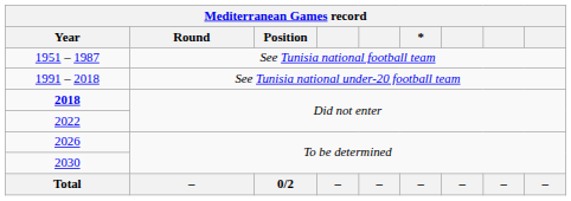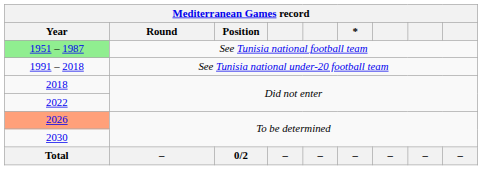 <table class="wikitable" style="font-size:90%; text-align:center;" width="50%">
 <tr>
 <th colspan="9"><a href='#'>Mediterranean Games</a> record</th>
 </tr>
 <tr>
 <th width="15%">Year</th>
 <th width="15%">Round</th>
 <th width="5%">Position</th>
 <th width="5%"></th>
 <th width="5%"></th>
 <th width="5%">*</th>
 <th width="5%"></th>
 <th width="5%"></th>
 <th width="5%"></th>
 </tr>
 <tr>
-<td><a href='#'>1951</a> – <a href='#'>1987</a></td>
+<td style="background: lightgreen;"><a href='#'>1951</a> – <a href='#'>1987</a></td>
 <td colspan="8"><em>See <a href='#'>Tunisia national football team</a></em></td>
 </tr>
 <tr>
 <td><a href='#'>1991</a> – <a href='#'>2018</a></td>
 <td colspan="8"><em>See <a href='#'>Tunisia national under-20 football team</a></em></td>
 </tr>
 <tr>
-<td><strong> <a href='#'>2018</a></strong></td>
+<td> <a href='#'>2018</a></td>
 <td colspan="8" rowspan="2"><em>Did not enter</em></td>
 </tr>
 <tr>
 <td> <a href='#'>2022</a></td>
 </tr>
 <tr>
-<td> <a href='#'>2026</a></td>
+<td style="background: lightsalmon;"> <a href='#'>2026</a></td>
 <td colspan="8" rowspan="2"><em>To be determined</em></td>
 </tr>
 <tr>
 <td> <a href='#'>2030</a></td>
 </tr>
 <tr>
 <th>Total</th>
 <th>–</th>
 <th>0/2</th>
 <th>–</th>
 <th>–</th>
 <th>–</th>
 <th>–</th>
 <th>–</th>
 <th>–</th>
 </tr>
 </table>
